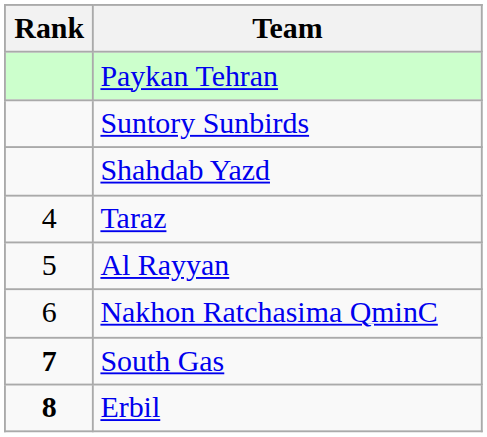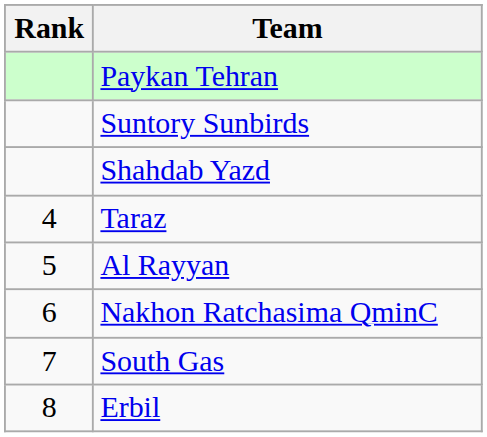 <table class="wikitable" style="text-align:center">
 <tr>
 <th width=40>Rank</th>
 <th width=200>Team</th>
 </tr>
 <tr bgcolor=#ccffcc>
 <td></td>
 <td style="text-align:left"> <a href='#'>Paykan Tehran</a></td>
 </tr>
 <tr>
 <td></td>
 <td style="text-align:left"> <a href='#'>Suntory Sunbirds</a></td>
 </tr>
 <tr>
 <td></td>
 <td style="text-align:left"> <a href='#'>Shahdab Yazd</a></td>
 </tr>
 <tr>
 <td>4</td>
 <td style="text-align:left"> <a href='#'>Taraz</a></td>
 </tr>
 <tr>
 <td>5</td>
 <td style="text-align:left"> <a href='#'>Al Rayyan</a></td>
 </tr>
 <tr>
 <td>6</td>
 <td style="text-align:left"> <a href='#'>Nakhon Ratchasima QminC</a></td>
 </tr>
 <tr>
-<td><strong>7</strong></td>
+<td>7</td>
 <td style="text-align:left"> <a href='#'>South Gas</a></td>
 </tr>
 <tr>
-<td><strong>8</strong></td>
+<td>8</td>
 <td style="text-align:left"> <a href='#'>Erbil</a></td>
 </tr>
 </table>
